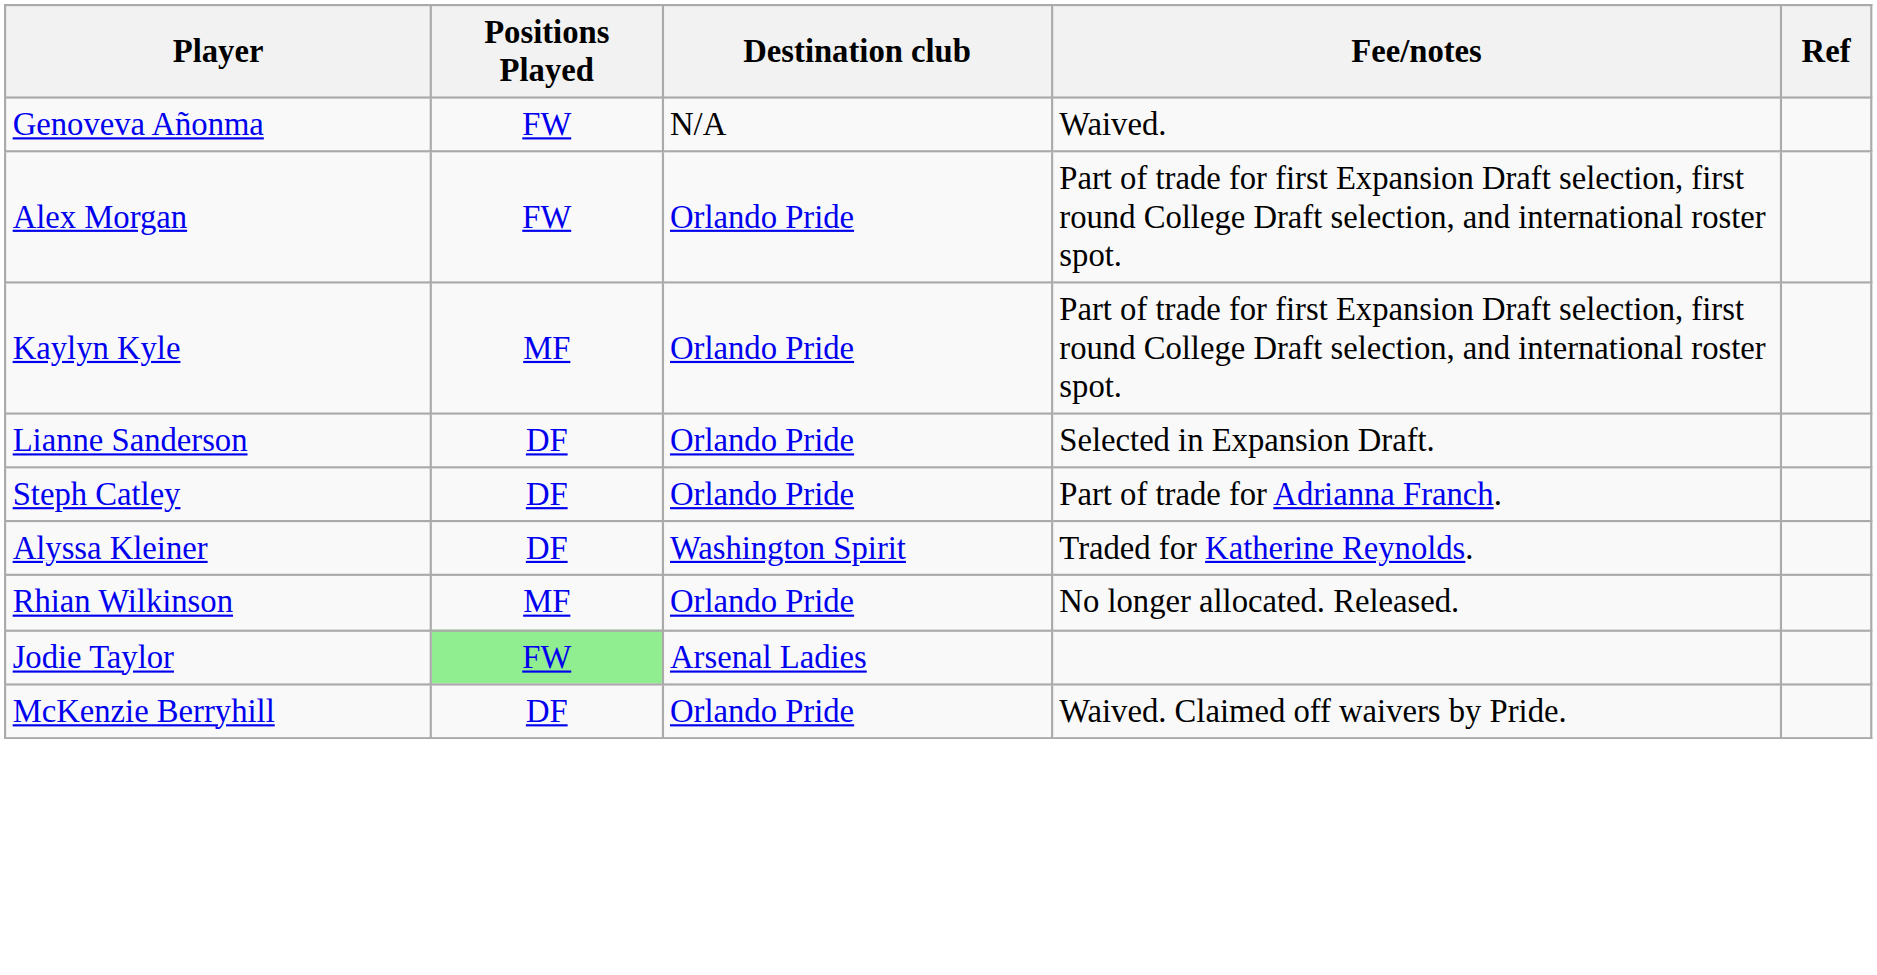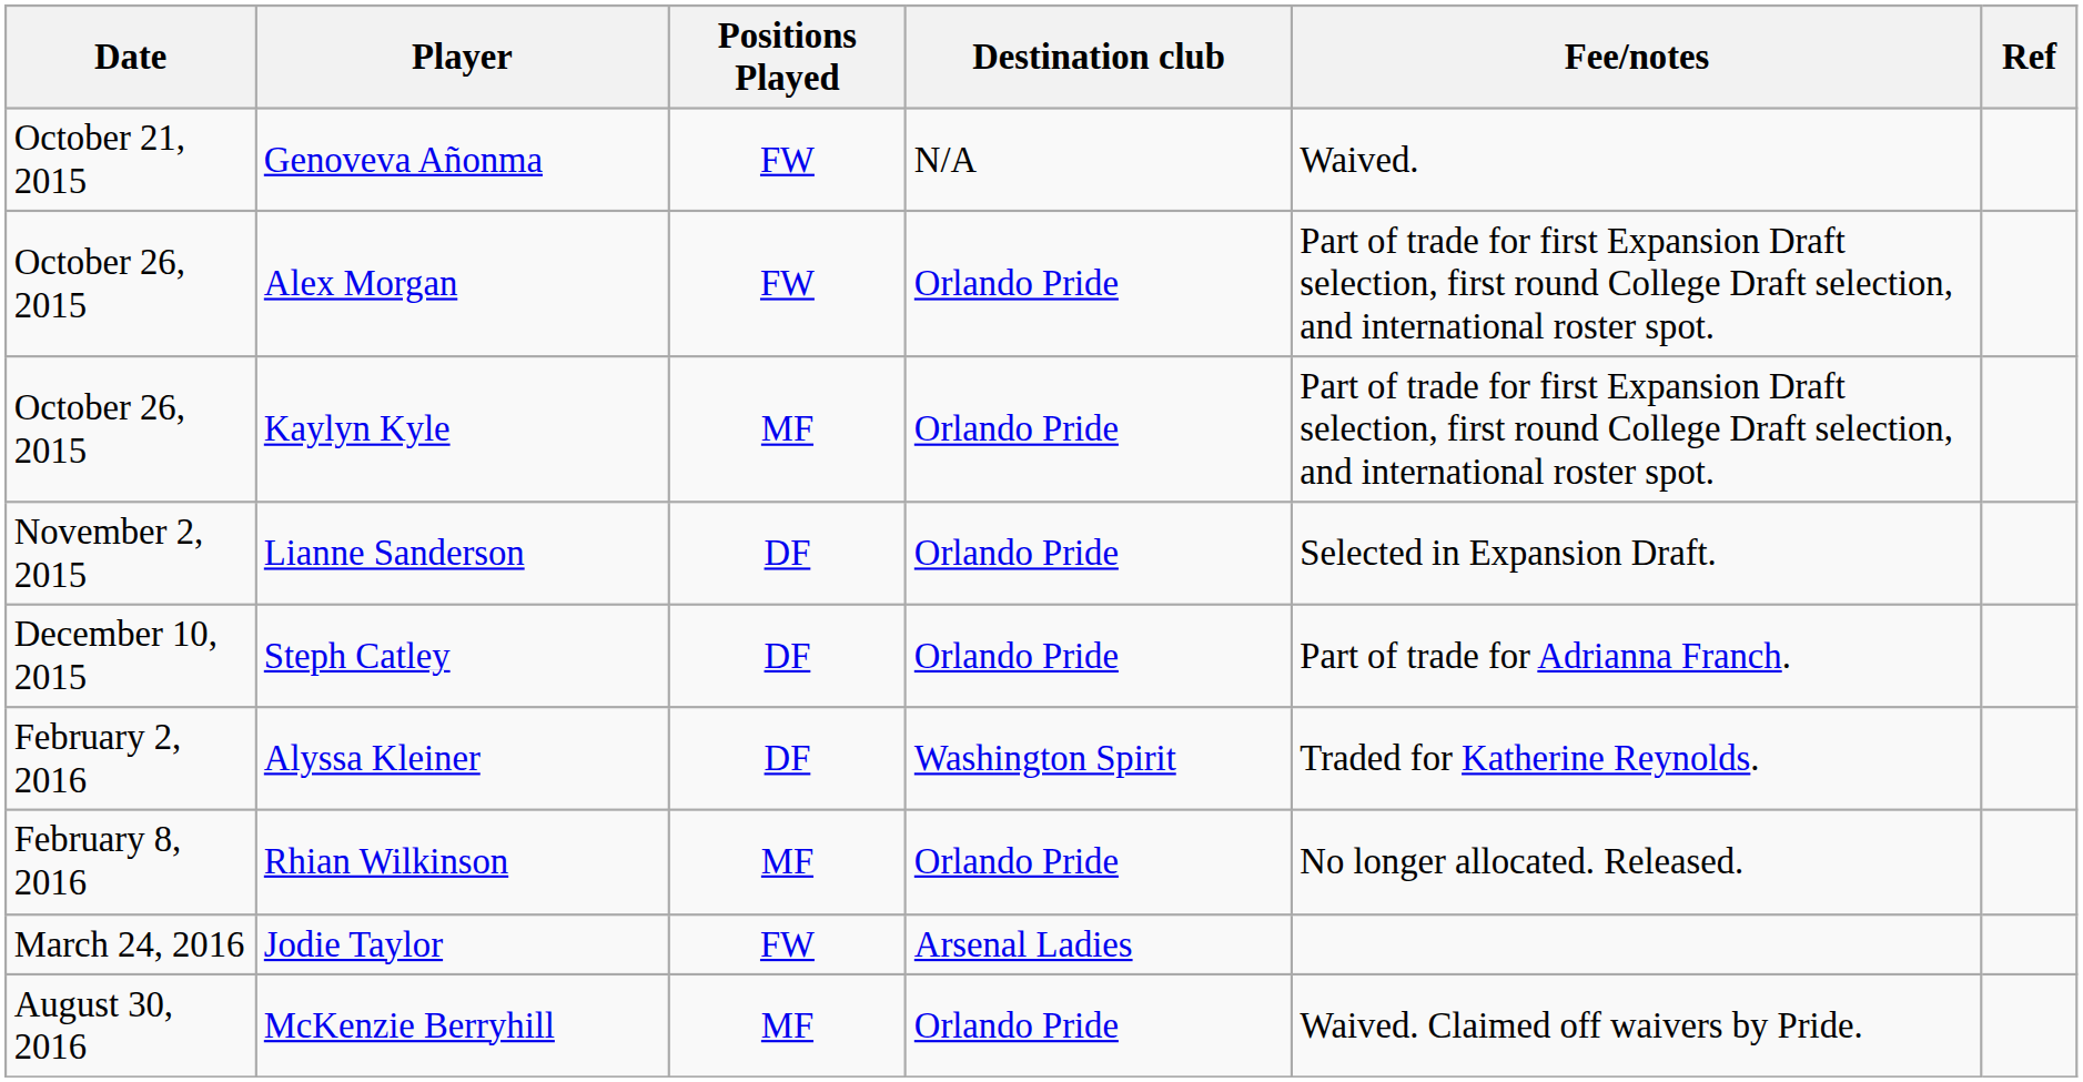 <table class="wikitable" style="text-align:left; font-size:95%;">
 <tr>
+<th style="width:125px;">Date</th>
 <th style="width:250px;">Player</th>
 <th style="width:120px;">Positions Played</th>
 <th style="width:220px;">Destination club</th>
 <th style="width:450px;">Fee/notes</th>
 <th style="width:40px;">Ref</th>
 </tr>
 <tr>
+<td>October 21, 2015</td>
 <td> <a href='#'>Genoveva Añonma</a></td>
 <td style="text-align:center;"><a href='#'>FW</a></td>
 <td>N/A</td>
 <td>Waived.</td>
 <td></td>
 </tr>
 <tr>
+<td>October 26, 2015</td>
 <td> <a href='#'>Alex Morgan</a></td>
 <td style="text-align:center;"><a href='#'>FW</a></td>
 <td> <a href='#'>Orlando Pride</a></td>
 <td>Part of trade for first Expansion Draft selection, first round College Draft selection, and international roster spot.</td>
 <td></td>
 </tr>
 <tr>
+<td>October 26, 2015</td>
 <td> <a href='#'>Kaylyn Kyle</a></td>
 <td style="text-align:center;"><a href='#'>MF</a></td>
 <td> <a href='#'>Orlando Pride</a></td>
 <td>Part of trade for first Expansion Draft selection, first round College Draft selection, and international roster spot.</td>
 <td></td>
 </tr>
 <tr>
+<td>November 2, 2015</td>
 <td> <a href='#'>Lianne Sanderson</a></td>
 <td style="text-align:center;"><a href='#'>DF</a></td>
 <td> <a href='#'>Orlando Pride</a></td>
 <td>Selected in Expansion Draft.</td>
 <td></td>
 </tr>
 <tr>
+<td>December 10, 2015</td>
 <td> <a href='#'>Steph Catley</a></td>
 <td style="text-align:center;"><a href='#'>DF</a></td>
 <td> <a href='#'>Orlando Pride</a></td>
 <td>Part of trade for <a href='#'>Adrianna Franch</a>.</td>
 <td></td>
 </tr>
 <tr>
+<td>February 2, 2016</td>
 <td> <a href='#'>Alyssa Kleiner</a></td>
 <td style="text-align:center;"><a href='#'>DF</a></td>
 <td> <a href='#'>Washington Spirit</a></td>
 <td>Traded for <a href='#'>Katherine Reynolds</a>.</td>
 <td></td>
 </tr>
 <tr>
+<td>February 8, 2016</td>
 <td> <a href='#'>Rhian Wilkinson</a></td>
 <td style="text-align:center;"><a href='#'>MF</a></td>
 <td> <a href='#'>Orlando Pride</a></td>
 <td>No longer allocated.  Released.</td>
 <td></td>
 </tr>
 <tr>
+<td>March 24, 2016</td>
 <td> <a href='#'>Jodie Taylor</a></td>
-<td style="background: lightgreen; text-align:center;"><a href='#'>FW</a></td>
+<td style="text-align:center;"><a href='#'>FW</a></td>
 <td> <a href='#'>Arsenal Ladies</a></td>
 <td></td>
 <td></td>
 </tr>
 <tr>
+<td>August 30, 2016</td>
 <td> <a href='#'>McKenzie Berryhill</a></td>
-<td style="text-align:center;"><a href='#'>DF</a></td>
+<td style="text-align:center;"><a href='#'>MF</a></td>
 <td> <a href='#'>Orlando Pride</a></td>
 <td>Waived. Claimed off waivers by Pride.</td>
 <td></td>
 </tr>
 </table>
